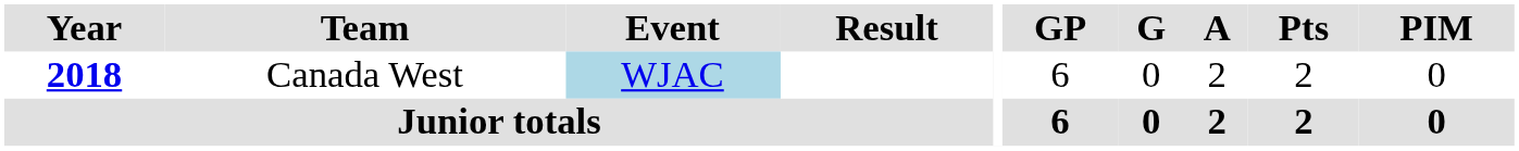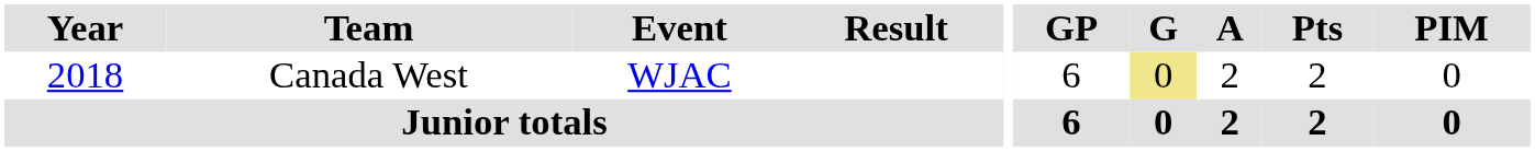 <table border="0" cellpadding="1" cellspacing="0" ID="Table3" style="text-align:center; width:40em">
 <tr bgcolor="#e0e0e0">
 <th>Year</th>
 <th>Team</th>
 <th>Event</th>
 <th>Result</th>
 <th rowspan="99" bgcolor="#ffffff"></th>
 <th>GP</th>
 <th>G</th>
 <th>A</th>
 <th>Pts</th>
 <th>PIM</th>
 </tr>
 <tr>
-<td><strong><a href='#'>2018</a></strong></td>
+<td><a href='#'>2018</a></td>
 <td>Canada West</td>
-<td style="background: lightblue;"><a href='#'>WJAC</a></td>
+<td><a href='#'>WJAC</a></td>
 <td></td>
 <td>6</td>
-<td>0</td>
+<td style="background: khaki;">0</td>
 <td>2</td>
 <td>2</td>
 <td>0</td>
 </tr>
 <tr bgcolor="#e0e0e0">
 <th colspan="4">Junior totals</th>
 <th>6</th>
 <th>0</th>
 <th>2</th>
 <th>2</th>
 <th>0</th>
 </tr>
 </table>
